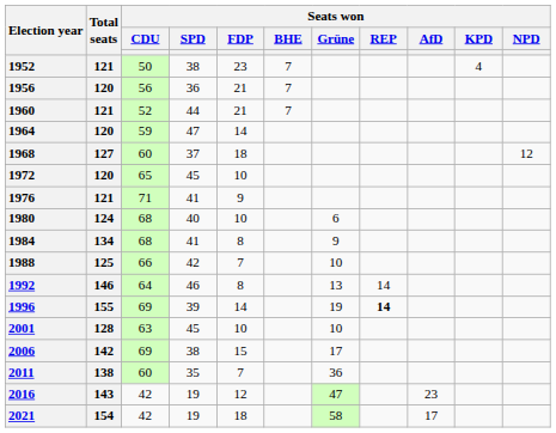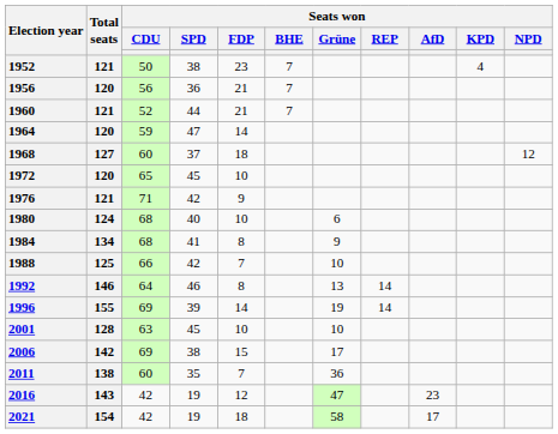 <table class="wikitable" style="text-align:center; font-size: 0.9em;">
 <tr>
 <th rowspan="3">Election year</th>
 <th rowspan="3">Total<br>seats</th>
 <th colspan="9">Seats won</th>
 </tr>
 <tr>
 <th class="unsortable" style="width:45px;"><a href='#'>CDU</a></th>
 <th class="unsortable" style="width:45px;"><a href='#'>SPD</a></th>
 <th class="unsortable" style="width:45px;"><a href='#'>FDP</a></th>
 <th class="unsortable" style="width:45px;"><a href='#'>BHE</a></th>
 <th class="unsortable" style="width:45px;"><a href='#'>Grüne</a></th>
 <th class="unsortable" style="width:45px;"><a href='#'>REP</a></th>
 <th class="unsortable" style="width:45px;"><a href='#'>AfD</a></th>
 <th class="unsortable" style="width:45px;"><a href='#'>KPD</a></th>
 <th class="unsortable" style="width:45px;"><a href='#'>NPD</a></th>
 </tr>
 <tr>
 <th style="background:"></th>
 <th style="background:"></th>
 <th style="background:"></th>
 <th style="background:"></th>
 <th style="background:"></th>
 <th style="background:"></th>
 <th style="background:"></th>
 <th style="background:"></th>
 <th style="background:"></th>
 </tr>
 <tr>
 <th style="text-align: left;">1952</th>
 <th>121</th>
 <td style="background:#d1ffbd;">50</td>
 <td>38</td>
 <td>23</td>
 <td>7</td>
 <td></td>
 <td></td>
 <td></td>
 <td>4</td>
 <td></td>
 </tr>
 <tr>
 <th style="text-align: left;">1956</th>
 <th>120</th>
 <td style="background:#d1ffbd;">56</td>
 <td>36</td>
 <td>21</td>
 <td>7</td>
 <td></td>
 <td></td>
 <td></td>
 <td></td>
 <td></td>
 </tr>
 <tr>
 <th style="text-align: left;">1960</th>
 <th>121</th>
 <td style="background:#d1ffbd;">52</td>
 <td>44</td>
 <td>21</td>
 <td>7</td>
 <td></td>
 <td></td>
 <td></td>
 <td></td>
 <td></td>
 </tr>
 <tr>
 <th style="text-align: left;">1964</th>
 <th>120</th>
 <td style="background:#d1ffbd;">59</td>
 <td>47</td>
 <td>14</td>
 <td></td>
 <td></td>
 <td></td>
 <td></td>
 <td></td>
 <td></td>
 </tr>
 <tr>
 <th style="text-align: left;">1968</th>
 <th>127</th>
 <td style="background:#d1ffbd;">60</td>
 <td>37</td>
 <td>18</td>
 <td></td>
 <td></td>
 <td></td>
 <td></td>
 <td></td>
 <td>12</td>
 </tr>
 <tr>
 <th style="text-align: left;">1972</th>
 <th>120</th>
 <td style="background:#d1ffbd;">65</td>
 <td>45</td>
 <td>10</td>
 <td></td>
 <td></td>
 <td></td>
 <td></td>
 <td></td>
 <td></td>
 </tr>
 <tr>
 <th style="text-align: left;">1976</th>
 <th>121</th>
 <td style="background:#d1ffbd;">71</td>
-<td>41</td>
+<td>42</td>
 <td>9</td>
 <td></td>
 <td></td>
 <td></td>
 <td></td>
 <td></td>
 <td></td>
 </tr>
 <tr>
 <th style="text-align: left;">1980</th>
 <th>124</th>
 <td style="background:#d1ffbd;">68</td>
 <td>40</td>
 <td>10</td>
 <td></td>
 <td>6</td>
 <td></td>
 <td></td>
 <td></td>
 <td></td>
 </tr>
 <tr>
 <th style="text-align: left;">1984</th>
 <th>134</th>
 <td style="background:#d1ffbd;">68</td>
 <td>41</td>
 <td>8</td>
 <td></td>
 <td>9</td>
 <td></td>
 <td></td>
 <td></td>
 <td></td>
 </tr>
 <tr>
 <th style="text-align: left;">1988</th>
 <th>125</th>
 <td style="background:#d1ffbd;">66</td>
 <td>42</td>
 <td>7</td>
 <td></td>
 <td>10</td>
 <td></td>
 <td></td>
 <td></td>
 <td></td>
 </tr>
 <tr>
 <th style="text-align: left;"><a href='#'>1992</a></th>
 <th>146</th>
 <td style="background:#d1ffbd;">64</td>
 <td>46</td>
 <td>8</td>
 <td></td>
 <td>13</td>
 <td>14</td>
 <td></td>
 <td></td>
 <td></td>
 </tr>
 <tr>
 <th style="text-align: left;"><a href='#'>1996</a></th>
 <th>155</th>
 <td style="background:#d1ffbd;">69</td>
 <td>39</td>
 <td>14</td>
 <td></td>
 <td>19</td>
-<td><strong>14</strong></td>
+<td>14</td>
 <td></td>
 <td></td>
 <td></td>
 </tr>
 <tr>
 <th style="text-align: left;"><a href='#'>2001</a></th>
 <th>128</th>
 <td style="background:#d1ffbd;">63</td>
 <td>45</td>
 <td>10</td>
 <td></td>
 <td>10</td>
 <td></td>
 <td></td>
 <td></td>
 <td></td>
 </tr>
 <tr>
 <th style="text-align: left;"><a href='#'>2006</a></th>
 <th>142</th>
 <td style="background:#d1ffbd;">69</td>
 <td>38</td>
 <td>15</td>
 <td></td>
 <td>17</td>
 <td></td>
 <td></td>
 <td></td>
 <td></td>
 </tr>
 <tr>
 <th style="text-align: left;"><a href='#'>2011</a></th>
 <th>138</th>
 <td style="background:#d1ffbd;">60</td>
 <td>35</td>
 <td>7</td>
 <td></td>
 <td>36</td>
 <td></td>
 <td></td>
 <td></td>
 <td></td>
 </tr>
 <tr>
 <th style="text-align: left;"><a href='#'>2016</a></th>
 <th>143</th>
 <td>42</td>
 <td>19</td>
 <td>12</td>
 <td></td>
 <td style="background:#d1ffbd;">47</td>
 <td></td>
 <td>23</td>
 <td></td>
 <td></td>
 </tr>
 <tr>
 <th style="text-align: left;"><a href='#'>2021</a></th>
 <th>154</th>
 <td>42</td>
 <td>19</td>
 <td>18</td>
 <td></td>
 <td style="background:#d1ffbd;">58</td>
 <td></td>
 <td>17</td>
 <td></td>
 <td></td>
 </tr>
 </table>
